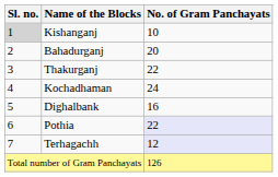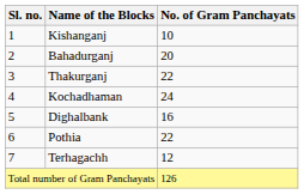 <table class="wikitable sortable">
 <tr>
 <th>Sl. no.</th>
 <th>Name of the Blocks</th>
 <th>No. of Gram Panchayats</th>
 </tr>
 <tr>
-<td style="background: lightgrey;">1</td>
+<td>1</td>
 <td>Kishanganj</td>
 <td>10</td>
 </tr>
 <tr>
 <td>2</td>
 <td>Bahadurganj</td>
 <td>20</td>
 </tr>
 <tr>
 <td>3</td>
 <td>Thakurganj</td>
 <td>22</td>
 </tr>
 <tr>
 <td>4</td>
 <td>Kochadhaman</td>
 <td>24</td>
 </tr>
 <tr>
 <td>5</td>
 <td>Dighalbank</td>
 <td>16</td>
 </tr>
 <tr>
 <td>6</td>
 <td>Pothia</td>
-<td style="background: lavender;">22</td>
+<td>22</td>
 </tr>
 <tr>
 <td>7</td>
 <td>Terhagachh</td>
-<td style="background: lavender;">12</td>
+<td>12</td>
 </tr>
 <tr>
 <td colspan="2" align="right" bgcolor="fff999"><small>Total number of Gram Panchayats</small></td>
 <td bgcolor="fff999"><small>126</small></td>
 </tr>
 </table>
